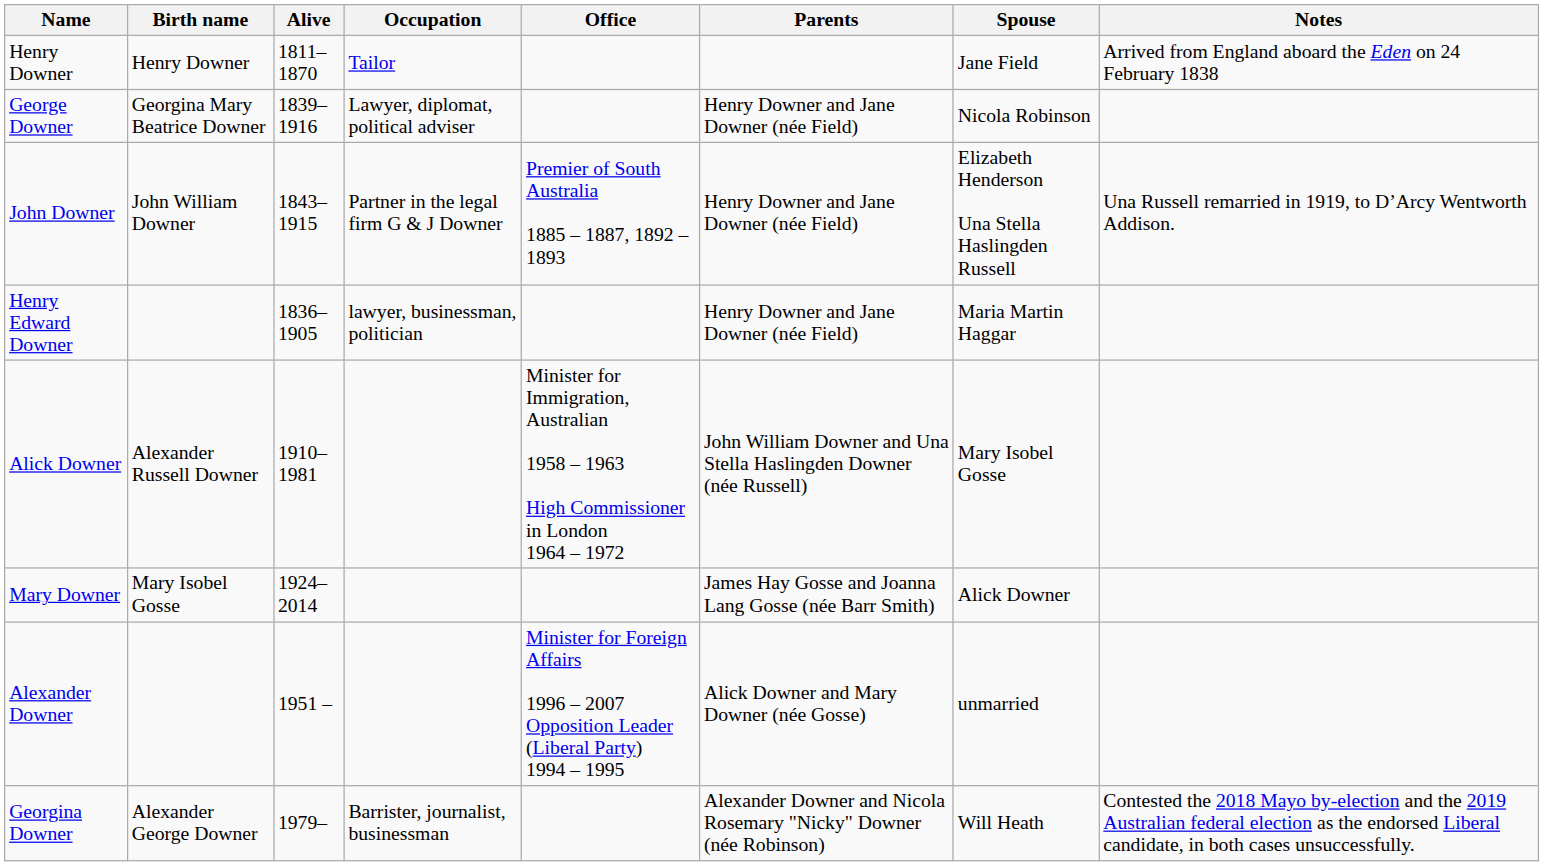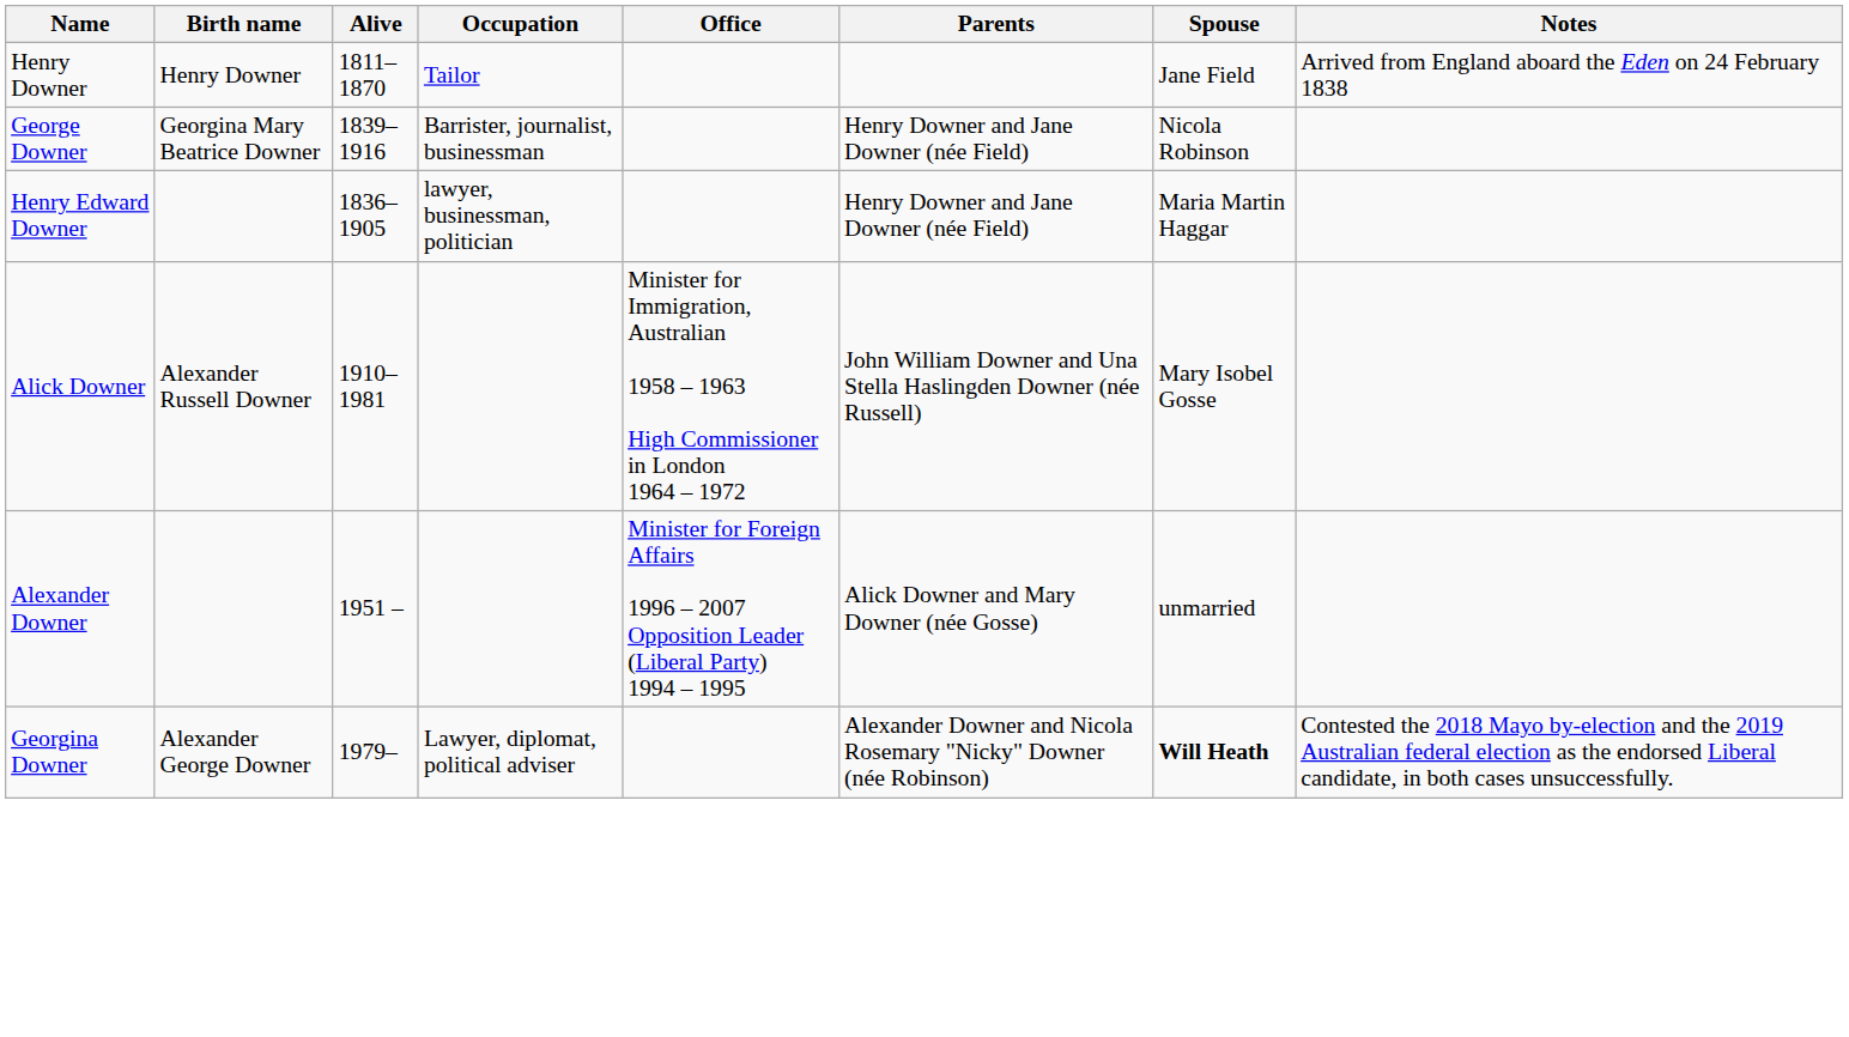 <table class="wikitable">
 <tr>
 <th>Name</th>
 <th>Birth name</th>
 <th>Alive</th>
 <th>Occupation</th>
 <th>Office</th>
 <th>Parents</th>
 <th>Spouse</th>
 <th>Notes</th>
 </tr>
 <tr>
 <td>Henry Downer</td>
 <td>Henry Downer</td>
 <td>1811–1870</td>
 <td><a href='#'>Tailor</a></td>
 <td></td>
 <td></td>
 <td>Jane Field</td>
 <td>Arrived from England aboard the <em><a href='#'>Eden</a></em> on 24 February 1838</td>
 </tr>
 <tr>
 <td><a href='#'>George Downer</a></td>
 <td>Georgina Mary Beatrice Downer</td>
 <td>1839–1916</td>
-<td>Lawyer, diplomat, political adviser</td>
+<td>Barrister, journalist, businessman</td>
 <td></td>
 <td>Henry Downer and Jane Downer (née Field)</td>
 <td>Nicola Robinson</td>
 <td></td>
-</tr>
-<tr>
-<td><a href='#'>John Downer</a></td>
-<td>John William Downer</td>
-<td>1843–1915</td>
-<td>Partner in the legal firm G & J Downer</td>
-<td><a href='#'>Premier of South Australia</a><br><br>1885 – 1887, 1892 – 1893<br></td>
-<td>Henry Downer and Jane Downer (née Field)</td>
-<td>Elizabeth Henderson<br><br>Una Stella Haslingden Russell</td>
-<td>Una Russell remarried in 1919, to D’Arcy Wentworth Addison.</td>
 </tr>
 <tr>
 <td><a href='#'>Henry Edward Downer</a></td>
 <td></td>
 <td>1836–1905</td>
 <td>lawyer, businessman, politician</td>
 <td></td>
 <td>Henry Downer and Jane Downer (née Field)</td>
 <td>Maria Martin Haggar</td>
 <td></td>
 </tr>
 <tr>
 <td><a href='#'>Alick Downer</a></td>
 <td>Alexander Russell Downer</td>
 <td>1910–1981</td>
 <td></td>
 <td>Minister for Immigration, Australian<br><br>1958 – 1963<br> <br><a href='#'>High Commissioner</a> in London<br> 1964 – 1972</td>
 <td>John William Downer and Una Stella Haslingden Downer (née Russell)</td>
 <td>Mary Isobel Gosse</td>
 <td></td>
 </tr>
 <tr>
-<td><a href='#'>Mary Downer</a></td>
-<td>Mary Isobel Gosse</td>
-<td>1924–2014</td>
-<td></td>
-<td></td>
-<td>James Hay Gosse and Joanna Lang Gosse (née Barr Smith)</td>
-<td>Alick Downer</td>
-<td></td>
-</tr>
-<tr>
 <td><a href='#'>Alexander Downer</a></td>
 <td></td>
 <td>1951 –</td>
 <td></td>
 <td><a href='#'>Minister for Foreign Affairs</a><br><br>1996 – 2007<br> <a href='#'>Opposition Leader</a> (<a href='#'>Liberal Party</a>)<br> 1994 – 1995</td>
 <td>Alick Downer and Mary Downer (née Gosse)</td>
 <td>unmarried</td>
 <td></td>
 </tr>
 <tr>
 <td><a href='#'>Georgina Downer</a></td>
 <td>Alexander George Downer</td>
 <td>1979–</td>
-<td>Barrister, journalist, businessman</td>
+<td>Lawyer, diplomat, political adviser</td>
 <td></td>
 <td>Alexander Downer and Nicola Rosemary "Nicky" Downer (née Robinson)</td>
-<td>Will Heath</td>
+<td><strong>Will Heath</strong></td>
 <td>Contested the <a href='#'>2018 Mayo by-election</a> and the <a href='#'>2019 Australian federal election</a> as the endorsed <a href='#'>Liberal</a> candidate, in both cases unsuccessfully.</td>
 </tr>
 </table>
